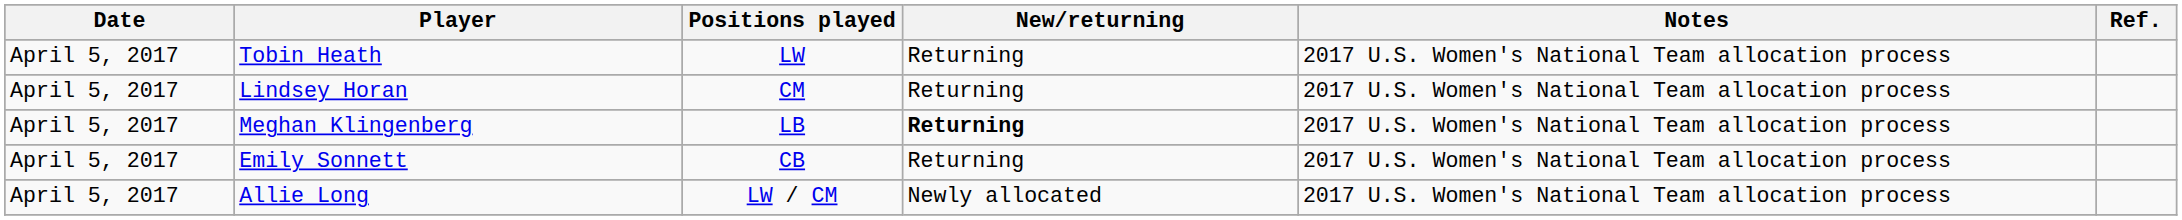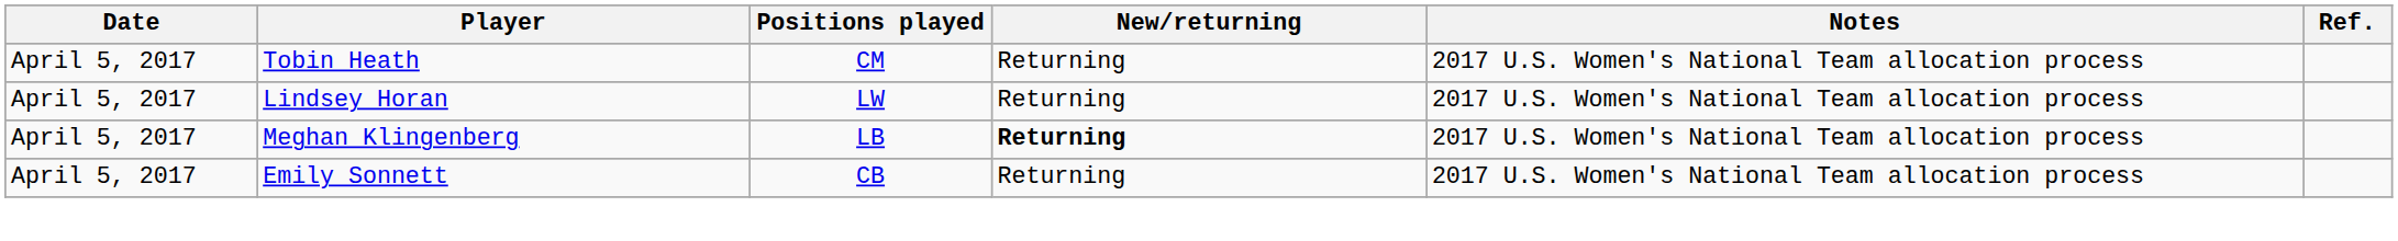 <table class="wikitable" style="text-align:left; font-size:95%;">
 <tr>
 <th style="width:125px;">Date</th>
 <th style="width:250px;">Player</th>
 <th style="width:120px;">Positions played</th>
 <th style="width:220px;">New/returning</th>
 <th style="width:450px;">Notes</th>
 <th style="width:40px;">Ref.</th>
 </tr>
 <tr>
 <td>April 5, 2017</td>
 <td> <a href='#'>Tobin Heath</a></td>
-<td style="text-align:center;"><a href='#'>LW</a></td>
+<td style="text-align:center;"><a href='#'>CM</a></td>
 <td>Returning</td>
 <td>2017 U.S. Women's National Team allocation process</td>
 <td></td>
 </tr>
 <tr>
 <td>April 5, 2017</td>
 <td> <a href='#'>Lindsey Horan</a></td>
-<td style="text-align:center;"><a href='#'>CM</a></td>
+<td style="text-align:center;"><a href='#'>LW</a></td>
 <td>Returning</td>
 <td>2017 U.S. Women's National Team allocation process</td>
 <td></td>
 </tr>
 <tr>
 <td>April 5, 2017</td>
 <td> <a href='#'>Meghan Klingenberg</a></td>
 <td style="text-align:center;"><a href='#'>LB</a></td>
 <td><strong>Returning</strong></td>
 <td>2017 U.S. Women's National Team allocation process</td>
 <td></td>
 </tr>
 <tr>
 <td>April 5, 2017</td>
 <td> <a href='#'>Emily Sonnett</a></td>
 <td style="text-align:center;"><a href='#'>CB</a></td>
 <td>Returning</td>
 <td>2017 U.S. Women's National Team allocation process</td>
 <td></td>
 </tr>
-<tr>
-<td>April 5, 2017</td>
-<td> <a href='#'>Allie Long</a></td>
-<td style="text-align:center;"><a href='#'>LW</a> / <a href='#'>CM</a></td>
-<td>Newly allocated</td>
-<td>2017 U.S. Women's National Team allocation process</td>
-<td></td>
-</tr>
 </table>
